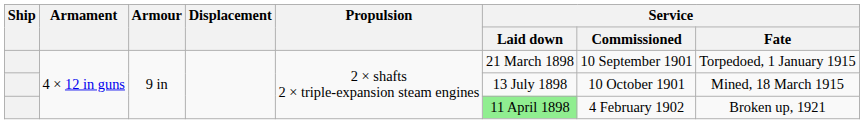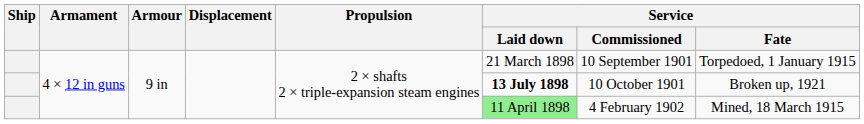 <table class="wikitable plainrowheaders" style="text-align: center;">
 <tr valign="top">
 <th scope="col" rowspan="2">Ship</th>
 <th scope="col" rowspan="2">Armament</th>
 <th scope="col" rowspan="2">Armour</th>
 <th scope="col" rowspan="2">Displacement</th>
 <th scope="col" rowspan="2">Propulsion</th>
 <th scope="col" colspan="3">Service</th>
 </tr>
 <tr valign="top">
 <th scope="col">Laid down</th>
 <th scope="col">Commissioned</th>
 <th scope="col">Fate</th>
 </tr>
 <tr valign="center">
 <th scope="row"></th>
 <td rowspan="3">4 × <a href='#'>12 in guns</a></td>
 <td rowspan="3">9 in</td>
 <td rowspan="3"></td>
 <td rowspan="3">2 × shafts<br>2 × triple-expansion steam engines<br></td>
 <td>21 March 1898</td>
 <td>10 September 1901</td>
 <td>Torpedoed, 1 January 1915</td>
 </tr>
 <tr valign="center">
 <th scope="row"></th>
-<td>13 July 1898</td>
+<td><strong>13 July 1898</strong></td>
 <td>10 October 1901</td>
-<td>Mined, 18 March 1915</td>
+<td>Broken up, 1921</td>
 </tr>
 <tr valign="top">
 <th scope="row"></th>
 <td style="background: lightgreen;">11 April 1898</td>
 <td>4 February 1902</td>
-<td>Broken up, 1921</td>
+<td>Mined, 18 March 1915</td>
 </tr>
 </table>
